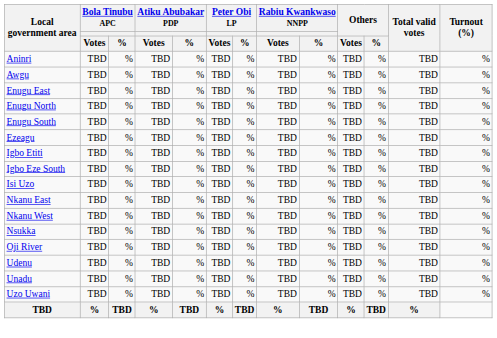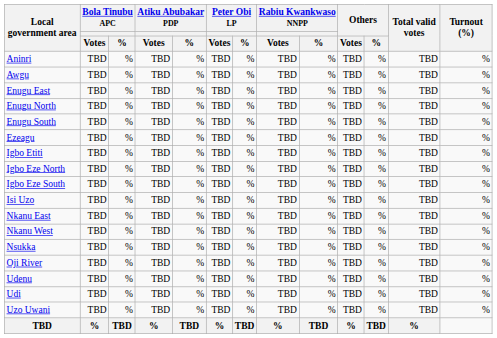 <table class="wikitable sortable" style="text-align:right; font-size:90%">
 <tr>
 <th rowspan="3" style="max-width:7.5em;">Local government area</th>
 <th colspan="2"><a href='#'>Bola Tinubu</a><br><small>APC</small></th>
 <th colspan="2"><a href='#'>Atiku Abubakar</a><br><small>PDP</small></th>
 <th colspan="2"><a href='#'>Peter Obi</a><br><small>LP</small></th>
 <th colspan="2"><a href='#'>Rabiu Kwankwaso</a><br><small>NNPP</small></th>
 <th colspan="2" rowspan="2">Others</th>
 <th rowspan="3" style="max-width:5em;">Total valid votes</th>
 <th rowspan="3" style="max-width:5em;">Turnout (%)</th>
 </tr>
 <tr>
 <th colspan=2 style="background-color:"></th>
 <th colspan=2 style="background-color:"></th>
 <th colspan=2 style="background-color:"></th>
 <th colspan=2 style="background-color:"></th>
 </tr>
 <tr>
 <th>Votes</th>
 <th>%</th>
 <th>Votes</th>
 <th>%</th>
 <th>Votes</th>
 <th>%</th>
 <th>Votes</th>
 <th>%</th>
 <th>Votes</th>
 <th>%</th>
 </tr>
 <tr style="background-color:#">
 <td style="text-align:left;"><a href='#'>Aninri</a></td>
 <td>TBD</td>
 <td>%</td>
 <td>TBD</td>
 <td>%</td>
 <td>TBD</td>
 <td>%</td>
 <td>TBD</td>
 <td>%</td>
 <td>TBD</td>
 <td>%</td>
 <td>TBD</td>
 <td>%</td>
 </tr>
 <tr style="background-color:#">
 <td style="text-align:left;"><a href='#'>Awgu</a></td>
 <td>TBD</td>
 <td>%</td>
 <td>TBD</td>
 <td>%</td>
 <td>TBD</td>
 <td>%</td>
 <td>TBD</td>
 <td>%</td>
 <td>TBD</td>
 <td>%</td>
 <td>TBD</td>
 <td>%</td>
 </tr>
 <tr style="background-color:#">
 <td style="text-align:left;"><a href='#'>Enugu East</a></td>
 <td>TBD</td>
 <td>%</td>
 <td>TBD</td>
 <td>%</td>
 <td>TBD</td>
 <td>%</td>
 <td>TBD</td>
 <td>%</td>
 <td>TBD</td>
 <td>%</td>
 <td>TBD</td>
 <td>%</td>
 </tr>
 <tr style="background-color:#">
 <td style="text-align:left;"><a href='#'>Enugu North</a></td>
 <td>TBD</td>
 <td>%</td>
 <td>TBD</td>
 <td>%</td>
 <td>TBD</td>
 <td>%</td>
 <td>TBD</td>
 <td>%</td>
 <td>TBD</td>
 <td>%</td>
 <td>TBD</td>
 <td>%</td>
 </tr>
 <tr style="background-color:#">
 <td style="text-align:left;"><a href='#'>Enugu South</a></td>
 <td>TBD</td>
 <td>%</td>
 <td>TBD</td>
 <td>%</td>
 <td>TBD</td>
 <td>%</td>
 <td>TBD</td>
 <td>%</td>
 <td>TBD</td>
 <td>%</td>
 <td>TBD</td>
 <td>%</td>
 </tr>
 <tr style="background-color:#">
 <td style="text-align:left;"><a href='#'>Ezeagu</a></td>
 <td>TBD</td>
 <td>%</td>
 <td>TBD</td>
 <td>%</td>
 <td>TBD</td>
 <td>%</td>
 <td>TBD</td>
 <td>%</td>
 <td>TBD</td>
 <td>%</td>
 <td>TBD</td>
 <td>%</td>
 </tr>
 <tr style="background-color:#">
 <td style="text-align:left;"><a href='#'>Igbo Etiti</a></td>
 <td>TBD</td>
 <td>%</td>
 <td>TBD</td>
 <td>%</td>
 <td>TBD</td>
 <td>%</td>
 <td>TBD</td>
 <td>%</td>
 <td>TBD</td>
 <td>%</td>
 <td>TBD</td>
 <td>%</td>
 </tr>
 <tr style="background-color:#">
+<td style="text-align:left;"><a href='#'>Igbo Eze North</a></td>
+<td>TBD</td>
+<td>%</td>
+<td>TBD</td>
+<td>%</td>
+<td>TBD</td>
+<td>%</td>
+<td>TBD</td>
+<td>%</td>
+<td>TBD</td>
+<td>%</td>
+<td>TBD</td>
+<td>%</td>
+</tr>
+<tr style="background-color:#">
 <td style="text-align:left;"><a href='#'>Igbo Eze South</a></td>
 <td>TBD</td>
 <td>%</td>
 <td>TBD</td>
 <td>%</td>
 <td>TBD</td>
 <td>%</td>
 <td>TBD</td>
 <td>%</td>
 <td>TBD</td>
 <td>%</td>
 <td>TBD</td>
 <td>%</td>
 </tr>
 <tr style="background-color:#">
 <td style="text-align:left;"><a href='#'>Isi Uzo</a></td>
 <td>TBD</td>
 <td>%</td>
 <td>TBD</td>
 <td>%</td>
 <td>TBD</td>
 <td>%</td>
 <td>TBD</td>
 <td>%</td>
 <td>TBD</td>
 <td>%</td>
 <td>TBD</td>
 <td>%</td>
 </tr>
 <tr style="background-color:#">
 <td style="text-align:left;"><a href='#'>Nkanu East</a></td>
 <td>TBD</td>
 <td>%</td>
 <td>TBD</td>
 <td>%</td>
 <td>TBD</td>
 <td>%</td>
 <td>TBD</td>
 <td>%</td>
 <td>TBD</td>
 <td>%</td>
 <td>TBD</td>
 <td>%</td>
 </tr>
 <tr style="background-color:#">
 <td style="text-align:left;"><a href='#'>Nkanu West</a></td>
 <td>TBD</td>
 <td>%</td>
 <td>TBD</td>
 <td>%</td>
 <td>TBD</td>
 <td>%</td>
 <td>TBD</td>
 <td>%</td>
 <td>TBD</td>
 <td>%</td>
 <td>TBD</td>
 <td>%</td>
 </tr>
 <tr style="background-color:#">
 <td style="text-align:left;"><a href='#'>Nsukka</a></td>
 <td>TBD</td>
 <td>%</td>
 <td>TBD</td>
 <td>%</td>
 <td>TBD</td>
 <td>%</td>
 <td>TBD</td>
 <td>%</td>
 <td>TBD</td>
 <td>%</td>
 <td>TBD</td>
 <td>%</td>
 </tr>
 <tr style="background-color:#">
 <td style="text-align:left;"><a href='#'>Oji River</a></td>
 <td>TBD</td>
 <td>%</td>
 <td>TBD</td>
 <td>%</td>
 <td>TBD</td>
 <td>%</td>
 <td>TBD</td>
 <td>%</td>
 <td>TBD</td>
 <td>%</td>
 <td>TBD</td>
 <td>%</td>
 </tr>
 <tr style="background-color:#">
 <td style="text-align:left;"><a href='#'>Udenu</a></td>
 <td>TBD</td>
 <td>%</td>
 <td>TBD</td>
 <td>%</td>
 <td>TBD</td>
 <td>%</td>
 <td>TBD</td>
 <td>%</td>
 <td>TBD</td>
 <td>%</td>
 <td>TBD</td>
 <td>%</td>
 </tr>
 <tr style="background-color:#">
-<td style="text-align:left;"><a href='#'>Unadu</a></td>
+<td style="text-align:left;"><a href='#'>Udi</a></td>
 <td>TBD</td>
 <td>%</td>
 <td>TBD</td>
 <td>%</td>
 <td>TBD</td>
 <td>%</td>
 <td>TBD</td>
 <td>%</td>
 <td>TBD</td>
 <td>%</td>
 <td>TBD</td>
 <td>%</td>
 </tr>
 <tr style="background-color:#">
 <td style="text-align:left;"><a href='#'>Uzo Uwani</a></td>
 <td>TBD</td>
 <td>%</td>
 <td>TBD</td>
 <td>%</td>
 <td>TBD</td>
 <td>%</td>
 <td>TBD</td>
 <td>%</td>
 <td>TBD</td>
 <td>%</td>
 <td>TBD</td>
 <td>%</td>
 </tr>
 <tr>
 <th>TBD</th>
 <th>%</th>
 <th>TBD</th>
 <th>%</th>
 <th>TBD</th>
 <th>%</th>
 <th>TBD</th>
 <th>%</th>
 <th>TBD</th>
 <th>%</th>
 <th>TBD</th>
 <th>%</th>
 </tr>
 </table>
